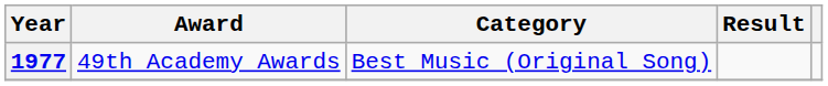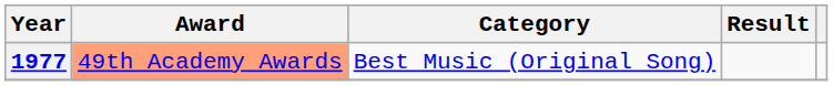 <table class="wikitable plainrowheaders">
 <tr>
 <th scope="col">Year</th>
 <th scope="col">Award</th>
 <th scope="col">Category</th>
 <th scope="col">Result</th>
 <th scope="col"></th>
 </tr>
 <tr>
 <th scope="row"; rowspan="1"><a href='#'>1977</a></th>
-<td><a href='#'>49th Academy Awards</a></td>
+<td style="background: lightsalmon;"><a href='#'>49th Academy Awards</a></td>
 <td><a href='#'>Best Music (Original Song)</a></td>
 <td></td>
 <td></td>
 </tr>
 <tr>
 </tr>
 </table>
